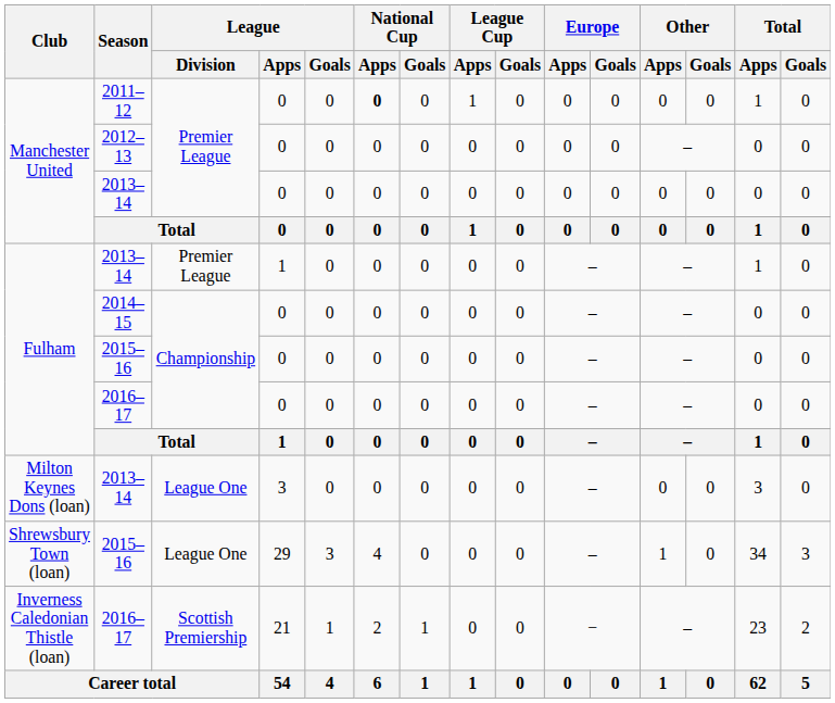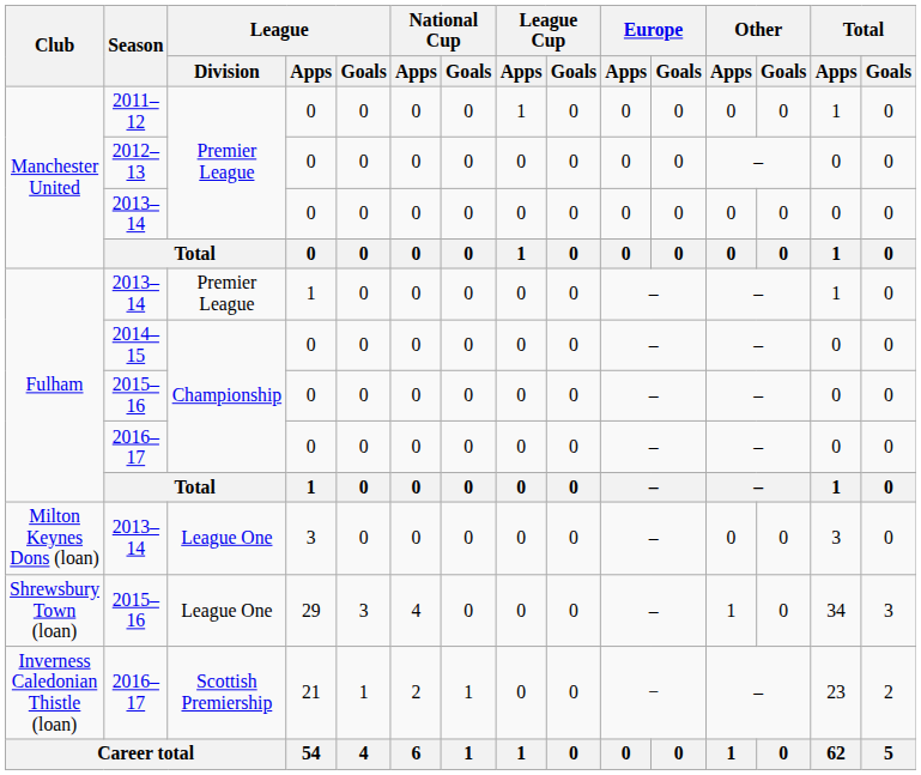 <table class="wikitable" style="text-align:center">
 <tr>
 <th rowspan="2">Club</th>
 <th rowspan="2">Season</th>
 <th colspan="3">League</th>
 <th colspan="2">National Cup</th>
 <th colspan="2">League Cup</th>
 <th colspan="2"><a href='#'>Europe</a></th>
 <th colspan="2">Other</th>
 <th colspan="2">Total</th>
 </tr>
 <tr>
 <th>Division</th>
 <th>Apps</th>
 <th>Goals</th>
 <th>Apps</th>
 <th>Goals</th>
 <th>Apps</th>
 <th>Goals</th>
 <th>Apps</th>
 <th>Goals</th>
 <th>Apps</th>
 <th>Goals</th>
 <th>Apps</th>
 <th>Goals</th>
 </tr>
 <tr>
 <td rowspan="4"><a href='#'>Manchester United</a></td>
 <td><a href='#'>2011–12</a></td>
 <td rowspan="3"><a href='#'>Premier League</a></td>
 <td>0</td>
 <td>0</td>
-<td><strong>0</strong></td>
+<td>0</td>
 <td>0</td>
 <td>1</td>
 <td>0</td>
 <td>0</td>
 <td>0</td>
 <td>0</td>
 <td>0</td>
 <td>1</td>
 <td>0</td>
 </tr>
 <tr>
 <td><a href='#'>2012–13</a></td>
 <td>0</td>
 <td>0</td>
 <td>0</td>
 <td>0</td>
 <td>0</td>
 <td>0</td>
 <td>0</td>
 <td>0</td>
 <td colspan="2">–</td>
 <td>0</td>
 <td>0</td>
 </tr>
 <tr>
 <td><a href='#'>2013–14</a></td>
 <td>0</td>
 <td>0</td>
 <td>0</td>
 <td>0</td>
 <td>0</td>
 <td>0</td>
 <td>0</td>
 <td>0</td>
 <td>0</td>
 <td>0</td>
 <td>0</td>
 <td>0</td>
 </tr>
 <tr>
 <th colspan="2">Total</th>
 <th>0</th>
 <th>0</th>
 <th>0</th>
 <th>0</th>
 <th>1</th>
 <th>0</th>
 <th>0</th>
 <th>0</th>
 <th>0</th>
 <th>0</th>
 <th>1</th>
 <th>0</th>
 </tr>
 <tr>
 <td rowspan="5"><a href='#'>Fulham</a></td>
 <td><a href='#'>2013–14</a></td>
 <td>Premier League</td>
 <td>1</td>
 <td>0</td>
 <td>0</td>
 <td>0</td>
 <td>0</td>
 <td>0</td>
 <td colspan="2">–</td>
 <td colspan="2">–</td>
 <td>1</td>
 <td>0</td>
 </tr>
 <tr>
 <td><a href='#'>2014–15</a></td>
 <td rowspan="3"><a href='#'>Championship</a></td>
 <td>0</td>
 <td>0</td>
 <td>0</td>
 <td>0</td>
 <td>0</td>
 <td>0</td>
 <td colspan="2">–</td>
 <td colspan="2">–</td>
 <td>0</td>
 <td>0</td>
 </tr>
 <tr>
 <td><a href='#'>2015–16</a></td>
 <td>0</td>
 <td>0</td>
 <td>0</td>
 <td>0</td>
 <td>0</td>
 <td>0</td>
 <td colspan="2">–</td>
 <td colspan="2">–</td>
 <td>0</td>
 <td>0</td>
 </tr>
 <tr>
 <td><a href='#'>2016–17</a></td>
 <td>0</td>
 <td>0</td>
 <td>0</td>
 <td>0</td>
 <td>0</td>
 <td>0</td>
 <td colspan="2">–</td>
 <td colspan="2">–</td>
 <td>0</td>
 <td>0</td>
 </tr>
 <tr>
 <th colspan="2">Total</th>
 <th>1</th>
 <th>0</th>
 <th>0</th>
 <th>0</th>
 <th>0</th>
 <th>0</th>
 <th colspan="2">–</th>
 <th colspan="2">–</th>
 <th>1</th>
 <th>0</th>
 </tr>
 <tr>
 <td><a href='#'>Milton Keynes Dons</a> (loan)</td>
 <td><a href='#'>2013–14</a></td>
 <td><a href='#'>League One</a></td>
 <td>3</td>
 <td>0</td>
 <td>0</td>
 <td>0</td>
 <td>0</td>
 <td>0</td>
 <td colspan="2">–</td>
 <td>0</td>
 <td>0</td>
 <td>3</td>
 <td>0</td>
 </tr>
 <tr>
 <td><a href='#'>Shrewsbury Town</a> (loan)</td>
 <td><a href='#'>2015–16</a></td>
 <td>League One</td>
 <td>29</td>
 <td>3</td>
 <td>4</td>
 <td>0</td>
 <td>0</td>
 <td>0</td>
 <td colspan="2">–</td>
 <td>1</td>
 <td>0</td>
 <td>34</td>
 <td>3</td>
 </tr>
 <tr>
 <td><a href='#'>Inverness Caledonian Thistle</a> (loan)</td>
 <td><a href='#'>2016–17</a></td>
 <td><a href='#'>Scottish Premiership</a></td>
 <td>21</td>
 <td>1</td>
 <td>2</td>
 <td>1</td>
 <td>0</td>
 <td>0</td>
 <td colspan="2">−</td>
 <td colspan="2">–</td>
 <td>23</td>
 <td>2</td>
 </tr>
 <tr>
 <th colspan="3">Career total</th>
 <th>54</th>
 <th>4</th>
 <th>6</th>
 <th>1</th>
 <th>1</th>
 <th>0</th>
 <th>0</th>
 <th>0</th>
 <th>1</th>
 <th>0</th>
 <th>62</th>
 <th>5</th>
 </tr>
 </table>
